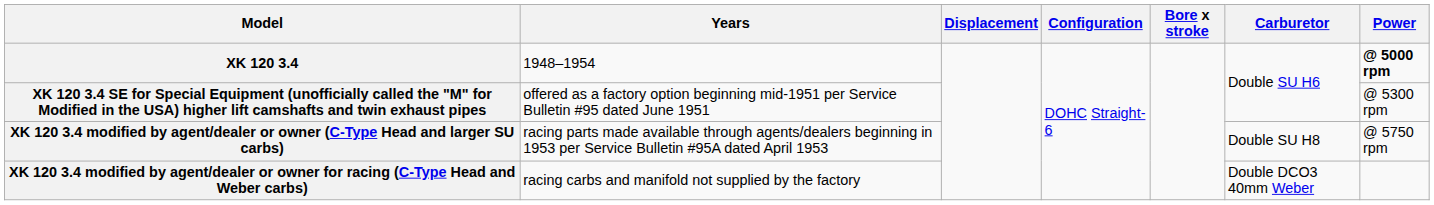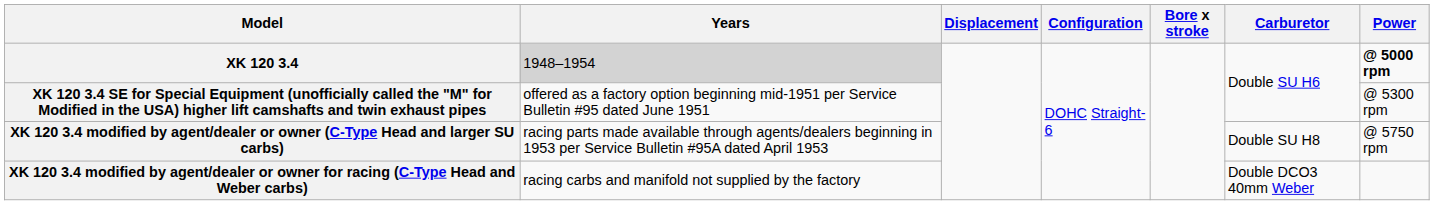 <table style="margin:auto;"  class="wikitable plainrowheaders">
 <tr>
 <th>Model</th>
 <th>Years</th>
 <th><a href='#'>Displacement</a></th>
 <th><a href='#'>Configuration</a></th>
 <th><a href='#'>Bore</a> x <a href='#'>stroke</a></th>
 <th><a href='#'>Carburetor</a></th>
 <th><a href='#'>Power</a></th>
 </tr>
 <tr>
 <th scope="row"><strong>XK 120 3.4</strong></th>
-<td>1948–1954</td>
+<td style="background: lightgrey;">1948–1954</td>
 <td rowspan="4"></td>
 <td rowspan="4"><a href='#'>DOHC</a> <a href='#'>Straight-6</a></td>
 <td rowspan="4"></td>
 <td rowspan="2">Double <a href='#'>SU H6</a></td>
 <td><strong>  @ 5000 rpm</strong></td>
 </tr>
 <tr>
 <th scope="row"><strong>XK 120 3.4 SE for Special Equipment</strong> (unofficially called the "M" for Modified in the USA) higher lift camshafts and twin exhaust pipes</th>
 <td>offered as a factory option beginning mid-1951 per Service Bulletin #95 dated June 1951</td>
 <td>  @ 5300 rpm</td>
 </tr>
 <tr>
 <th scope="row"><strong>XK 120 3.4 modified by agent/dealer or owner</strong> (<a href='#'>C-Type</a> Head and larger SU carbs)</th>
 <td>racing parts made available through agents/dealers beginning in 1953 per Service Bulletin #95A dated April 1953</td>
 <td>Double SU H8</td>
 <td>  @ 5750 rpm</td>
 </tr>
 <tr>
 <th scope="row"><strong>XK 120 3.4 modified by agent/dealer or owner for racing</strong> (<a href='#'>C-Type</a> Head and Weber carbs)</th>
 <td>racing carbs and manifold not supplied by the factory</td>
 <td>Double DCO3 40mm <a href='#'>Weber</a></td>
 <td></td>
 </tr>
 </table>
